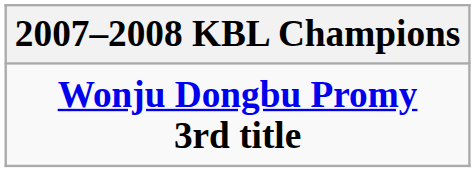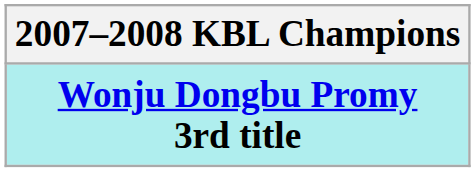 <table class=wikitable style="text-align:center; margin:auto">
 <tr>
 <th>2007–2008 KBL Champions</th>
 </tr>
 <tr>
-<td><strong><a href='#'>Wonju Dongbu Promy</a></strong><br><strong>3rd title</strong></td>
+<td style="background: paleturquoise;"><strong><a href='#'>Wonju Dongbu Promy</a></strong><br><strong>3rd title</strong></td>
 </tr>
 </table>
